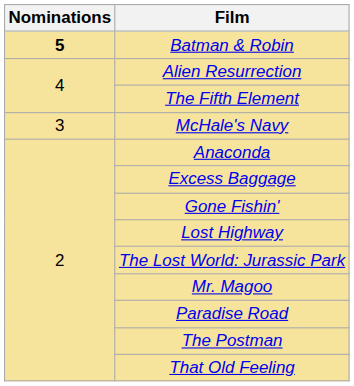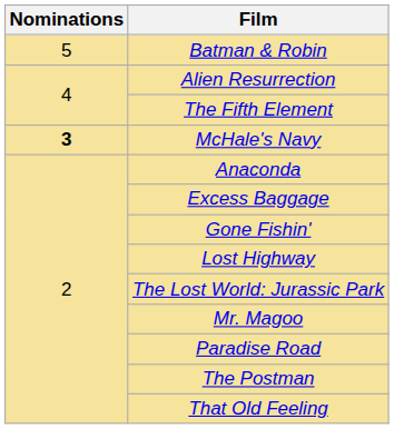 <table class="wikitable sortable" rowspan=2 border="2" cellpadding="4" style="text-align: center; background: #f6e39c">
 <tr>
 <th scope="col" width="55">Nominations</th>
 <th scope="col" align="center">Film</th>
 </tr>
 <tr>
-<td><strong>5</strong></td>
+<td>5</td>
 <td><em><a href='#'>Batman & Robin</a></em></td>
 </tr>
 <tr>
 <td rowspan="2" style="text-align:center">4</td>
 <td><em><a href='#'>Alien Resurrection</a></em></td>
 </tr>
 <tr>
 <td><em><a href='#'>The Fifth Element</a></em></td>
 </tr>
 <tr>
-<td>3</td>
+<td><strong>3</strong></td>
 <td><em><a href='#'>McHale's Navy</a></em></td>
 </tr>
 <tr>
 <td rowspan="9" style="text-align:center">2</td>
 <td><em><a href='#'>Anaconda</a></em></td>
 </tr>
 <tr>
 <td><em><a href='#'>Excess Baggage</a></em></td>
 </tr>
 <tr>
 <td><em><a href='#'>Gone Fishin'</a></em></td>
 </tr>
 <tr>
 <td><em><a href='#'>Lost Highway</a></em></td>
 </tr>
 <tr>
 <td><em><a href='#'>The Lost World: Jurassic Park</a></em></td>
 </tr>
 <tr>
 <td><em><a href='#'>Mr. Magoo</a></em></td>
 </tr>
 <tr>
 <td><em><a href='#'>Paradise Road</a></em></td>
 </tr>
 <tr>
 <td><em><a href='#'>The Postman</a></em></td>
 </tr>
 <tr>
 <td><em><a href='#'>That Old Feeling</a></em></td>
 </tr>
 </table>
